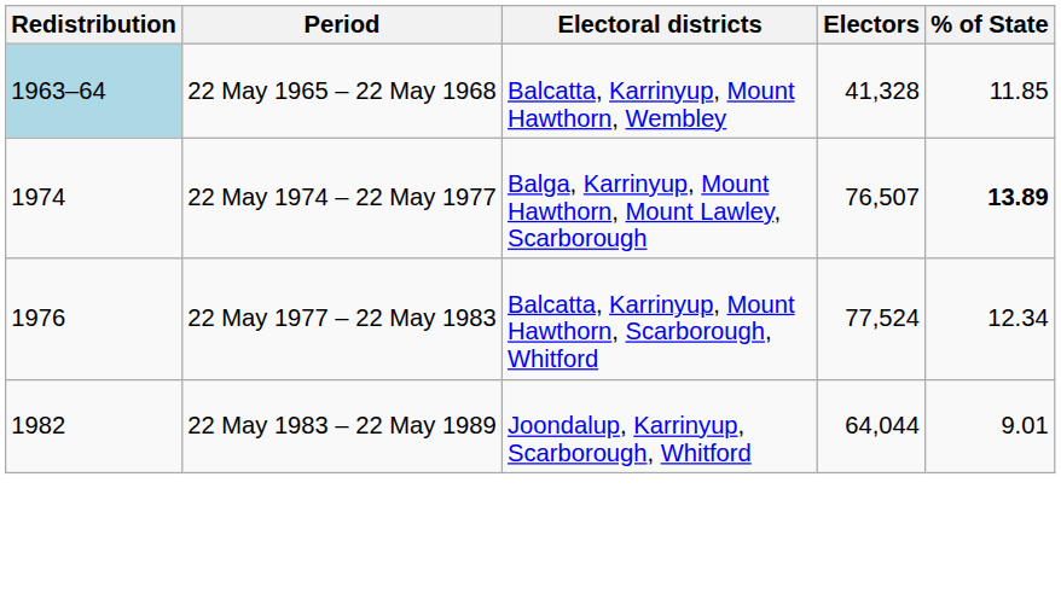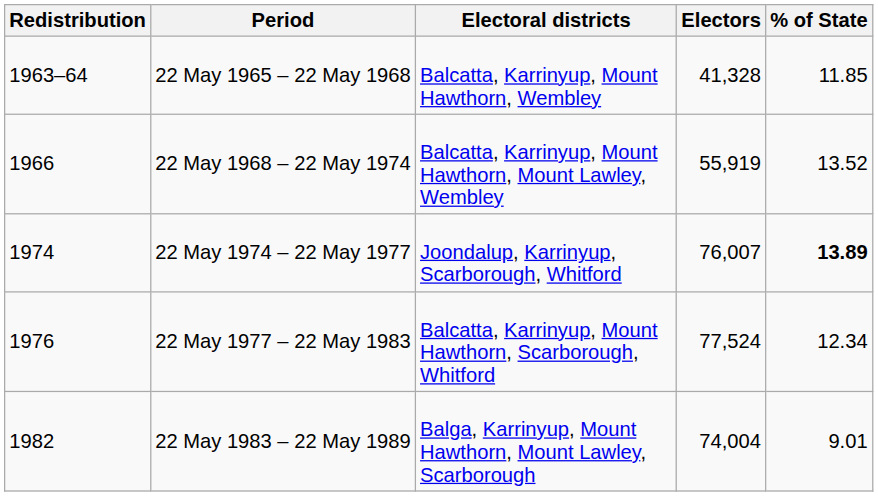 <table class="wikitable">
 <tr>
 <th>Redistribution</th>
 <th>Period</th>
 <th>Electoral districts</th>
 <th>Electors</th>
 <th>% of State</th>
 </tr>
 <tr>
-<td style="background: lightblue;">1963–64</td>
+<td>1963–64</td>
 <td>22 May 1965 – 22 May 1968</td>
 <td width = 200><br><a href='#'>Balcatta</a>,  <a href='#'>Karrinyup</a>,  <a href='#'>Mount Hawthorn</a>,  <a href='#'>Wembley</a></td>
 <td align=right>41,328</td>
 <td align=right>11.85</td>
 </tr>
 <tr>
+<td>1966</td>
+<td>22 May 1968 – 22 May 1974</td>
+<td width=200><br><a href='#'>Balcatta</a>,  <a href='#'>Karrinyup</a>,  <a href='#'>Mount Hawthorn</a>,  <a href='#'>Mount Lawley</a>,  <a href='#'>Wembley</a></td>
+<td align=right>55,919</td>
+<td align=right>13.52</td>
+</tr>
+<tr>
 <td>1974</td>
 <td>22 May 1974 – 22 May 1977</td>
-<td width=200><br><a href='#'>Balga</a>,  <a href='#'>Karrinyup</a>,  <a href='#'>Mount Hawthorn</a>,  <a href='#'>Mount Lawley</a>,  <a href='#'>Scarborough</a></td>
-<td align=right>76,507</td>
+<td width=200><br><a href='#'>Joondalup</a>,  <a href='#'>Karrinyup</a>,  <a href='#'>Scarborough</a>, <a href='#'>Whitford</a></td>
+<td align=right>76,007</td>
 <td align=right><strong>13.89</strong></td>
 </tr>
 <tr>
 <td>1976</td>
 <td>22 May 1977 – 22 May 1983</td>
 <td width=200><br><a href='#'>Balcatta</a>,  <a href='#'>Karrinyup</a>,  <a href='#'>Mount Hawthorn</a>,  <a href='#'>Scarborough</a>, <a href='#'>Whitford</a></td>
 <td align=right>77,524</td>
 <td align=right>12.34</td>
 </tr>
 <tr>
 <td>1982</td>
 <td>22 May 1983 – 22 May 1989</td>
-<td width=200><br><a href='#'>Joondalup</a>,  <a href='#'>Karrinyup</a>,  <a href='#'>Scarborough</a>, <a href='#'>Whitford</a></td>
-<td align=right>64,044</td>
+<td width=200><br><a href='#'>Balga</a>,  <a href='#'>Karrinyup</a>,  <a href='#'>Mount Hawthorn</a>,  <a href='#'>Mount Lawley</a>,  <a href='#'>Scarborough</a></td>
+<td align=right>74,004</td>
 <td align=right>9.01</td>
 </tr>
 </table>
